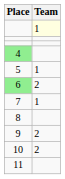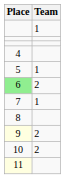 <table class="wikitable">
 <tr>
 <th>Place</th>
 <th>Team</th>
 </tr>
 <tr>
 <td align=center></td>
-<td style="background: lightyellow;"> 1</td>
+<td> 1</td>
 </tr>
 <tr>
 <td align=center></td>
 <td></td>
 </tr>
 <tr>
 <td align=center></td>
 <td></td>
 </tr>
 <tr>
-<td align=center style="background: lightgreen;">4</td>
+<td align=center>4</td>
 <td></td>
 </tr>
 <tr>
 <td align=center>5</td>
 <td> 1</td>
 </tr>
 <tr>
 <td align=center style="background: lightgreen;">6</td>
 <td> 2</td>
 </tr>
 <tr>
 <td align=center>7</td>
 <td> 1</td>
 </tr>
 <tr>
 <td align=center>8</td>
 <td></td>
 </tr>
 <tr>
-<td align=center>9</td>
+<td align=center style="background: lightyellow;">9</td>
 <td> 2</td>
 </tr>
 <tr>
 <td align=center>10</td>
 <td> 2</td>
 </tr>
 <tr>
-<td align=center>11</td>
+<td align=center style="background: lightyellow;">11</td>
 <td></td>
 </tr>
 </table>
